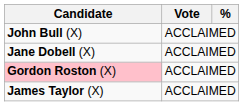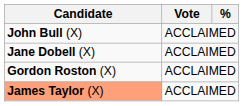 <table class="wikitable">
 <tr>
 <th bgcolor="#DDDDFF" width="200px">Candidate</th>
 <th bgcolor="#DDDDFF">Vote</th>
 <th bgcolor="#DDDDFF">%</th>
 </tr>
 <tr>
 <td><strong>John Bull</strong> (X)</td>
 <td colspan="2" align="center">ACCLAIMED</td>
 </tr>
 <tr>
 <td><strong>Jane Dobell</strong> (X)</td>
 <td colspan="2" align="center">ACCLAIMED</td>
 </tr>
 <tr>
-<td style="background: pink;"><strong>Gordon Roston</strong> (X)</td>
+<td><strong>Gordon Roston</strong> (X)</td>
 <td colspan="2" align="center">ACCLAIMED</td>
 </tr>
 <tr>
-<td><strong>James Taylor</strong> (X)</td>
+<td style="background: lightsalmon;"><strong>James Taylor</strong> (X)</td>
 <td colspan="2" align="center">ACCLAIMED</td>
 </tr>
 </table>
